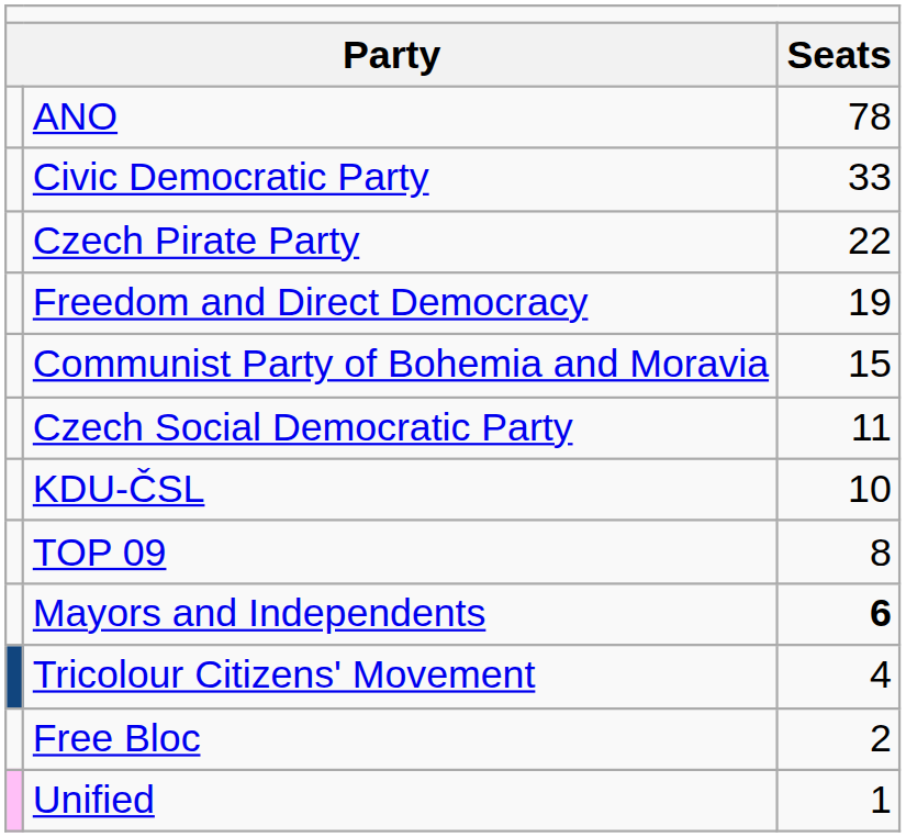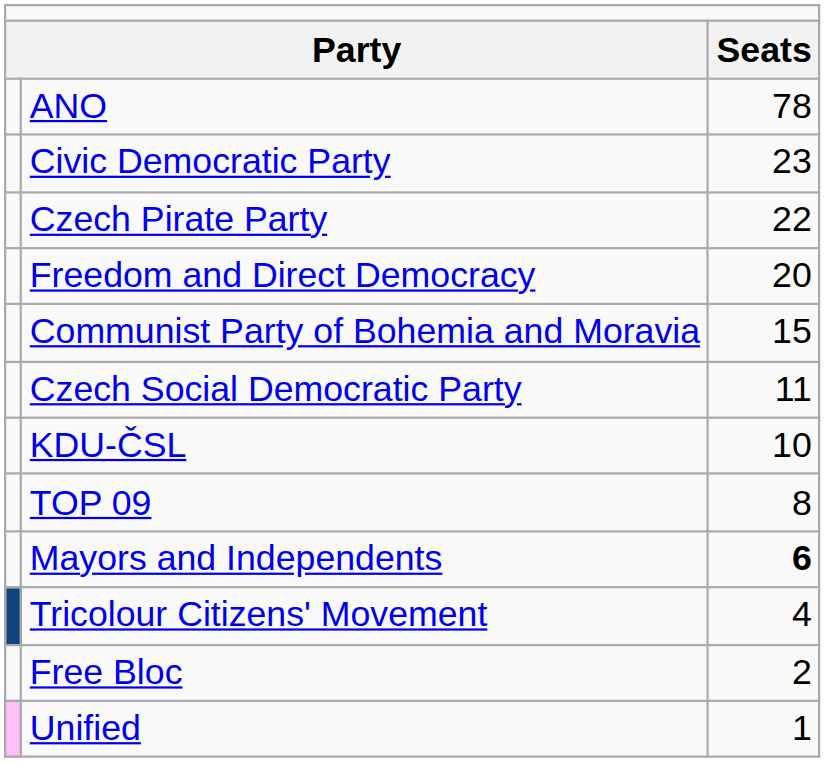 <table class=wikitable style=text-align:right>
 <tr>
 <td colspan=7></td>
 </tr>
 <tr>
 <th colspan=2>Party</th>
 <th>Seats</th>
 </tr>
 <tr>
 <td></td>
 <td align=left><a href='#'>ANO</a></td>
 <td>78</td>
 </tr>
 <tr>
 <td></td>
 <td align=left><a href='#'>Civic Democratic Party</a></td>
-<td>33</td>
+<td>23</td>
 </tr>
 <tr>
 <td></td>
 <td align=left><a href='#'>Czech Pirate Party</a></td>
 <td>22</td>
 </tr>
 <tr>
 <td></td>
 <td align=left><a href='#'>Freedom and Direct Democracy</a></td>
-<td>19</td>
+<td>20</td>
 </tr>
 <tr>
 <td></td>
 <td align=left><a href='#'>Communist Party of Bohemia and Moravia</a></td>
 <td>15</td>
 </tr>
 <tr>
 <td></td>
 <td align=left><a href='#'>Czech Social Democratic Party</a></td>
 <td>11</td>
 </tr>
 <tr>
 <td></td>
 <td align=left><a href='#'>KDU-ČSL</a></td>
 <td>10</td>
 </tr>
 <tr>
 <td></td>
 <td align=left><a href='#'>TOP 09</a></td>
 <td>8</td>
 </tr>
 <tr>
 <td></td>
 <td align=left><a href='#'>Mayors and Independents</a></td>
 <td><strong>6</strong></td>
 </tr>
 <tr>
 <td bgcolor="#11457E"></td>
 <td align=left><a href='#'>Tricolour Citizens' Movement</a></td>
 <td>4</td>
 </tr>
 <tr>
 <td></td>
 <td align=left><a href='#'>Free Bloc</a></td>
 <td>2</td>
 </tr>
 <tr>
 <td bgcolor="#FFBFF7"></td>
 <td align=left><a href='#'>Unified</a></td>
 <td>1</td>
 </tr>
 </table>
